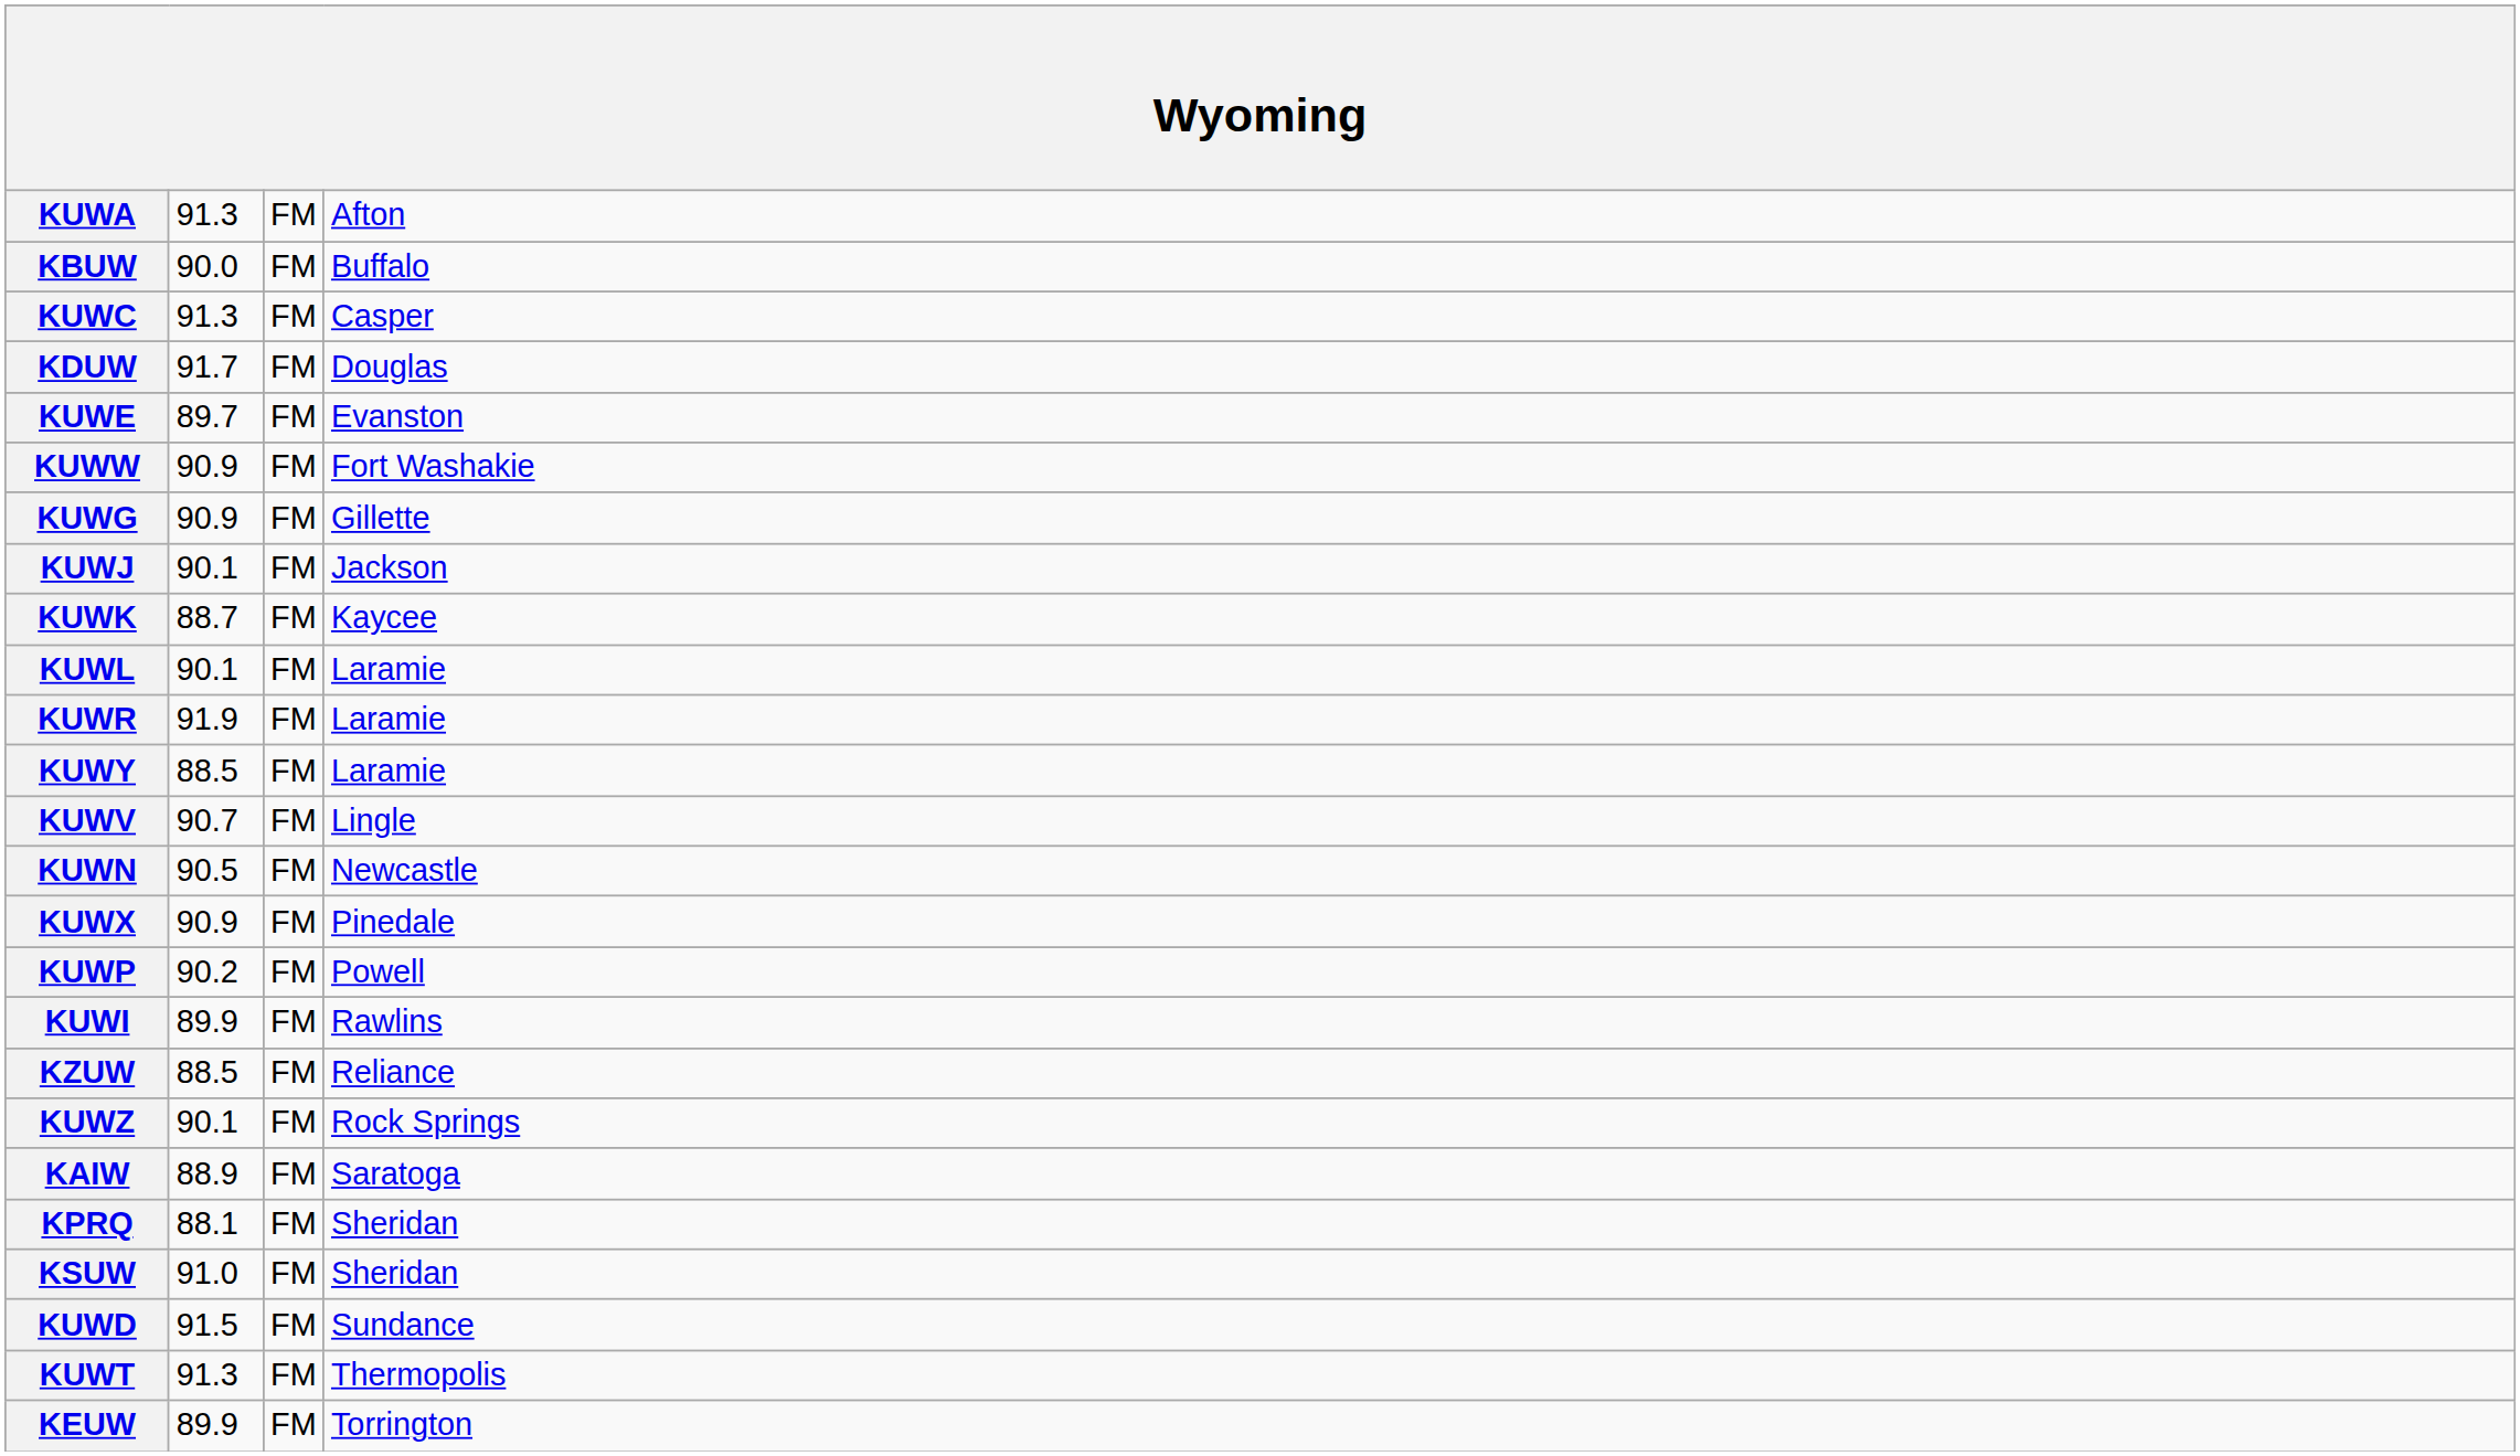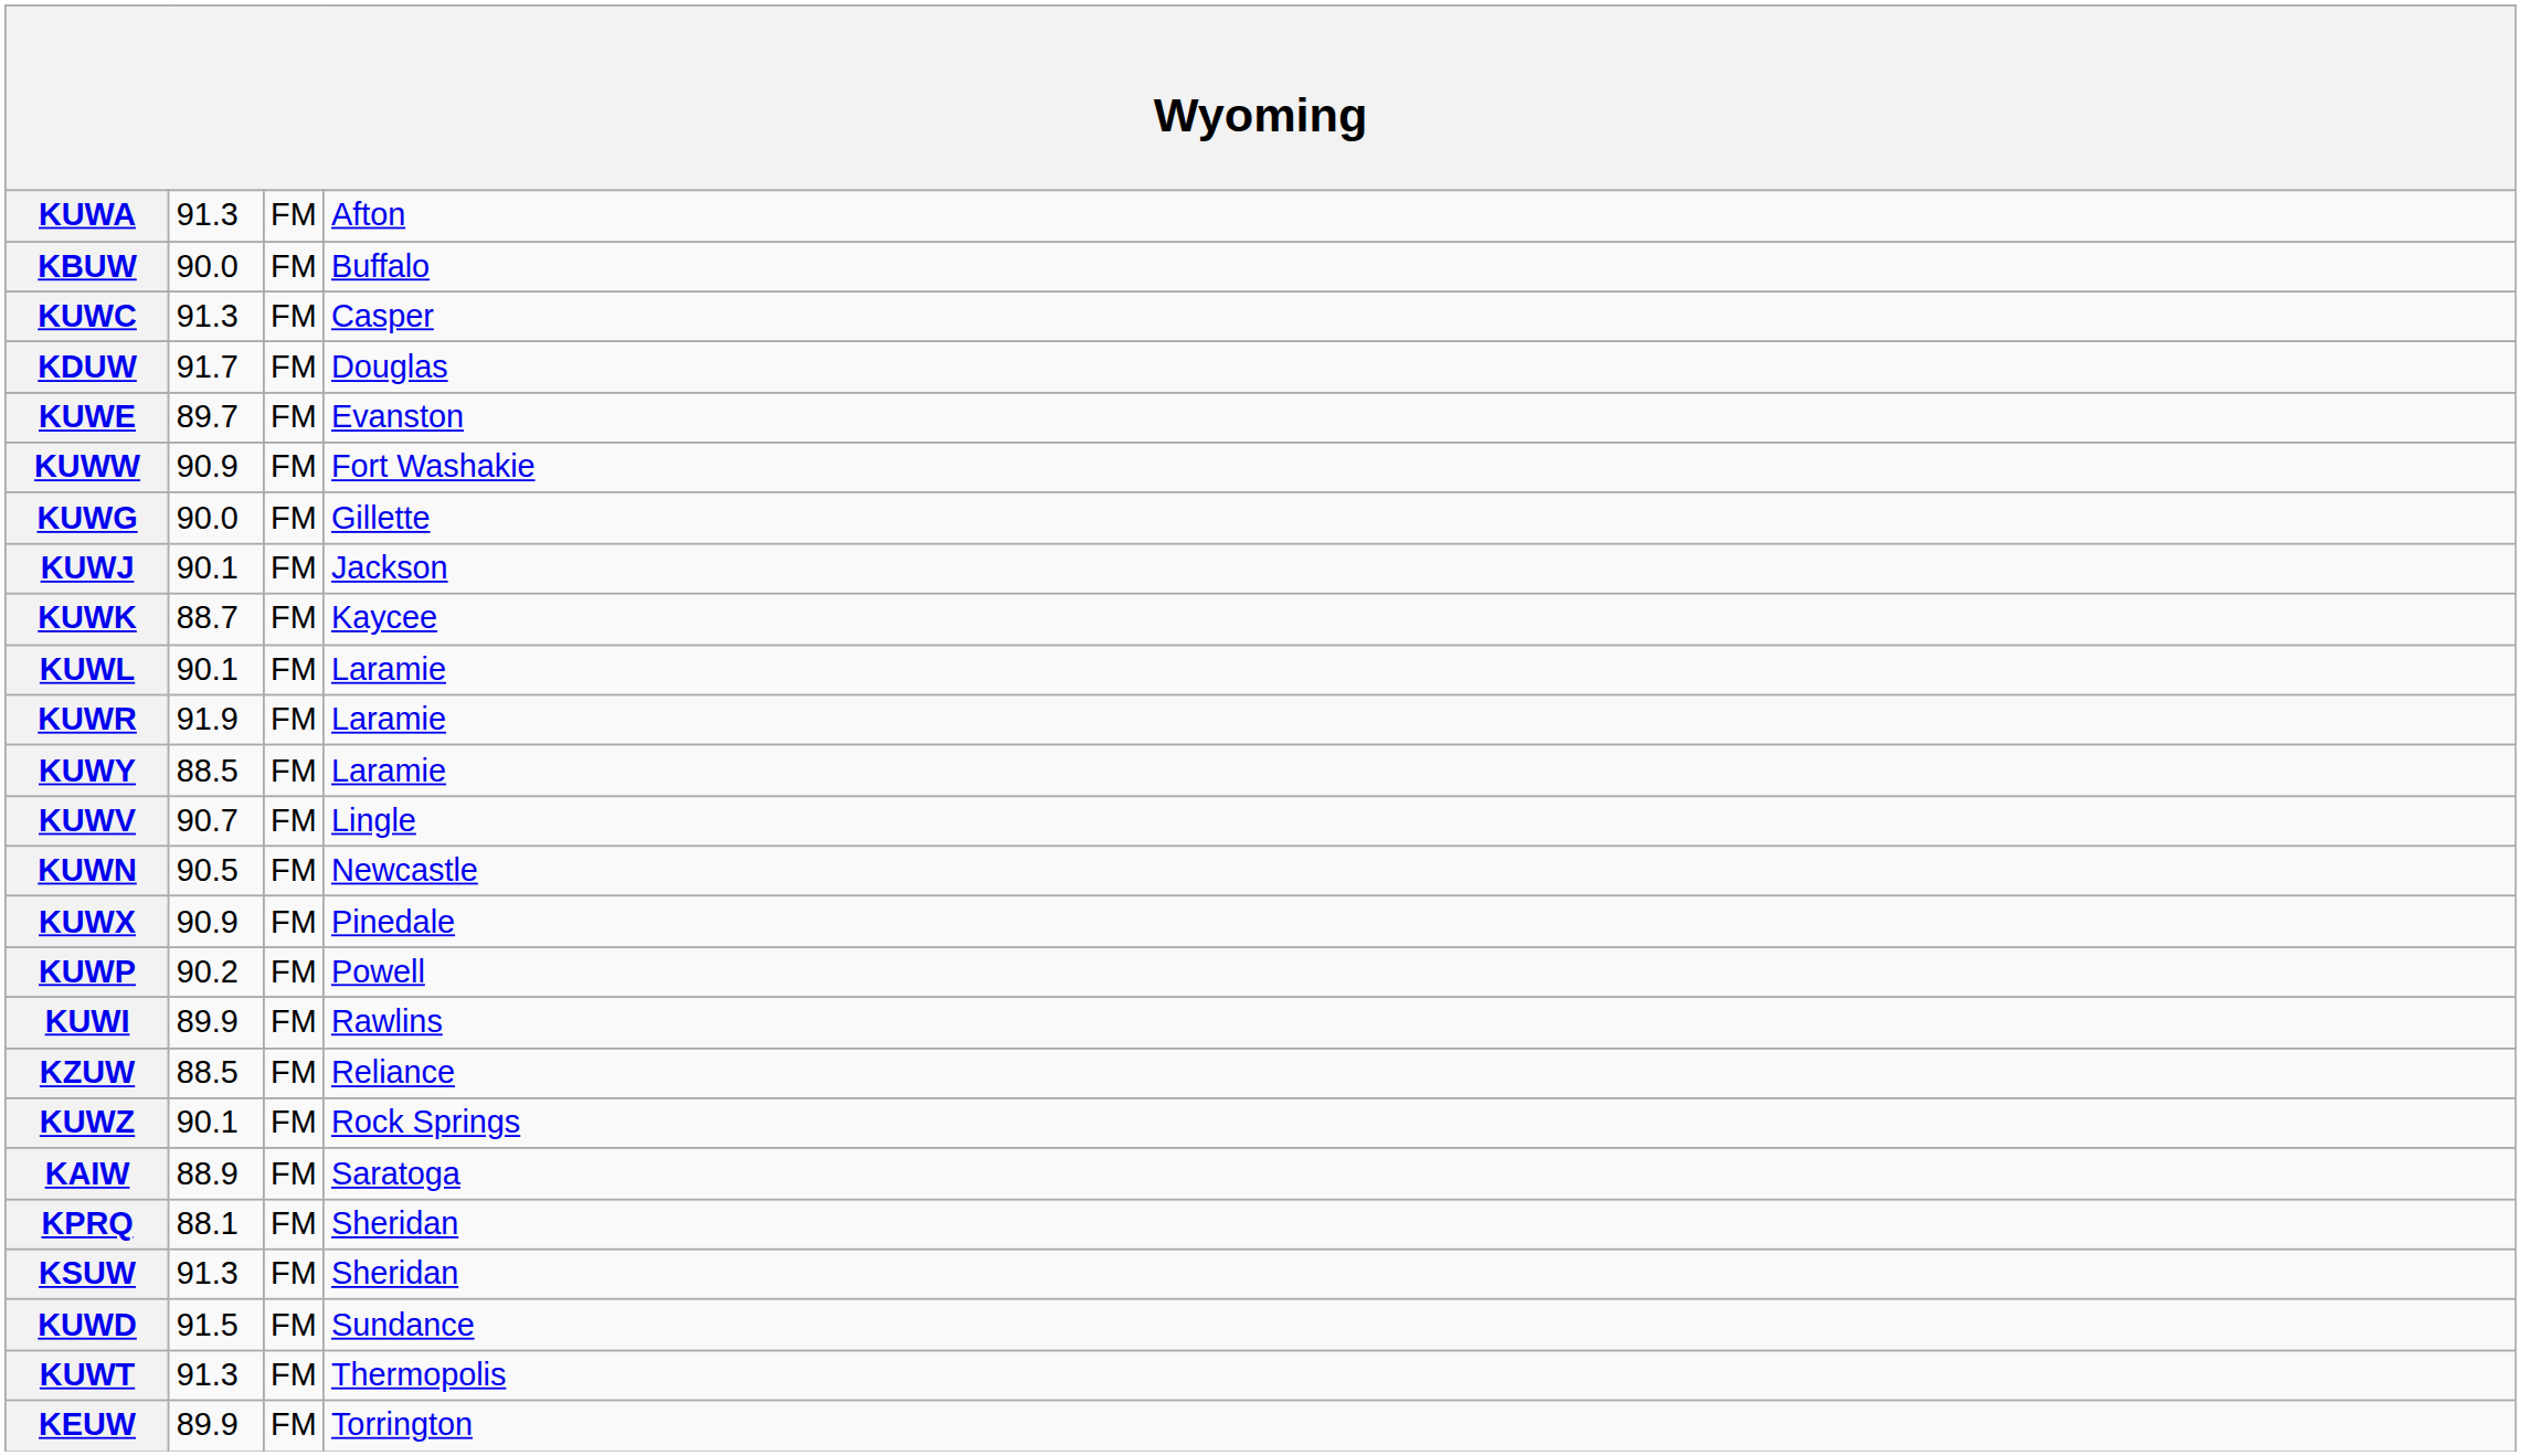 <table class="wikitable mw-collapsible" style="width:100%">
 <tr>
 <th scope="col" colspan="4"><br><h2>Wyoming</h2></th>
 </tr>
 <tr>
 <th scope="row" style="width: 75px;"><a href='#'>KUWA</a></th>
 <td style="width: 40px;">91.3</td>
 <td style="width: 21px;">FM</td>
 <td><a href='#'>Afton</a></td>
 </tr>
 <tr>
 <th scope="row"><a href='#'>KBUW</a></th>
 <td>90.0</td>
 <td>FM</td>
 <td><a href='#'>Buffalo</a></td>
 </tr>
 <tr>
 <th scope="row"><a href='#'>KUWC</a></th>
 <td>91.3</td>
 <td>FM</td>
 <td><a href='#'>Casper</a></td>
 </tr>
 <tr>
 <th scope="row"><a href='#'>KDUW</a></th>
 <td>91.7</td>
 <td>FM</td>
 <td><a href='#'>Douglas</a></td>
 </tr>
 <tr>
 <th scope="row"><a href='#'>KUWE</a></th>
 <td>89.7</td>
 <td>FM</td>
 <td><a href='#'>Evanston</a></td>
 </tr>
 <tr>
 <th scope="row"><a href='#'>KUWW</a></th>
 <td>90.9</td>
 <td>FM</td>
 <td><a href='#'>Fort Washakie</a></td>
 </tr>
 <tr>
 <th scope="row"><a href='#'>KUWG</a></th>
-<td>90.9</td>
+<td>90.0</td>
 <td>FM</td>
 <td><a href='#'>Gillette</a></td>
 </tr>
 <tr>
 <th scope="row"><a href='#'>KUWJ</a></th>
 <td>90.1</td>
 <td>FM</td>
 <td><a href='#'>Jackson</a></td>
 </tr>
 <tr>
 <th scope="row"><a href='#'>KUWK</a></th>
 <td>88.7</td>
 <td>FM</td>
 <td><a href='#'>Kaycee</a></td>
 </tr>
 <tr>
 <th scope="row"><a href='#'>KUWL</a></th>
 <td>90.1</td>
 <td>FM</td>
 <td><a href='#'>Laramie</a></td>
 </tr>
 <tr>
 <th scope="row"><a href='#'>KUWR</a></th>
 <td>91.9</td>
 <td>FM</td>
 <td><a href='#'>Laramie</a></td>
 </tr>
 <tr>
 <th scope="row"><a href='#'>KUWY</a></th>
 <td>88.5</td>
 <td>FM</td>
 <td><a href='#'>Laramie</a></td>
 </tr>
 <tr>
 <th scope="row"><a href='#'>KUWV</a></th>
 <td>90.7</td>
 <td>FM</td>
 <td><a href='#'>Lingle</a></td>
 </tr>
 <tr>
 <th scope="row"><a href='#'>KUWN</a></th>
 <td>90.5</td>
 <td>FM</td>
 <td><a href='#'>Newcastle</a></td>
 </tr>
 <tr>
 <th scope="row"><a href='#'>KUWX</a></th>
 <td>90.9</td>
 <td>FM</td>
 <td><a href='#'>Pinedale</a></td>
 </tr>
 <tr>
 <th scope="row"><a href='#'>KUWP</a></th>
 <td>90.2</td>
 <td>FM</td>
 <td><a href='#'>Powell</a></td>
 </tr>
 <tr>
 <th scope="row"><a href='#'>KUWI</a></th>
 <td>89.9</td>
 <td>FM</td>
 <td><a href='#'>Rawlins</a></td>
 </tr>
 <tr>
 <th scope="row"><a href='#'>KZUW</a></th>
 <td>88.5</td>
 <td>FM</td>
 <td><a href='#'>Reliance</a></td>
 </tr>
 <tr>
 <th scope="row"><a href='#'>KUWZ</a></th>
 <td>90.1</td>
 <td>FM</td>
 <td><a href='#'>Rock Springs</a></td>
 </tr>
 <tr>
 <th scope="row"><a href='#'>KAIW</a></th>
 <td>88.9</td>
 <td>FM</td>
 <td><a href='#'>Saratoga</a></td>
 </tr>
 <tr>
 <th scope="row"><a href='#'>KPRQ</a></th>
 <td>88.1</td>
 <td>FM</td>
 <td><a href='#'>Sheridan</a></td>
 </tr>
 <tr>
 <th scope="row"><a href='#'>KSUW</a></th>
-<td>91.0</td>
+<td>91.3</td>
 <td>FM</td>
 <td><a href='#'>Sheridan</a></td>
 </tr>
 <tr>
 <th scope="row"><a href='#'>KUWD</a></th>
 <td>91.5</td>
 <td>FM</td>
 <td><a href='#'>Sundance</a></td>
 </tr>
 <tr>
 <th scope="row"><a href='#'>KUWT</a></th>
 <td>91.3</td>
 <td>FM</td>
 <td><a href='#'>Thermopolis</a></td>
 </tr>
 <tr>
 <th scope="row"><a href='#'>KEUW</a></th>
 <td>89.9</td>
 <td>FM</td>
 <td><a href='#'>Torrington</a></td>
 </tr>
 </table>
